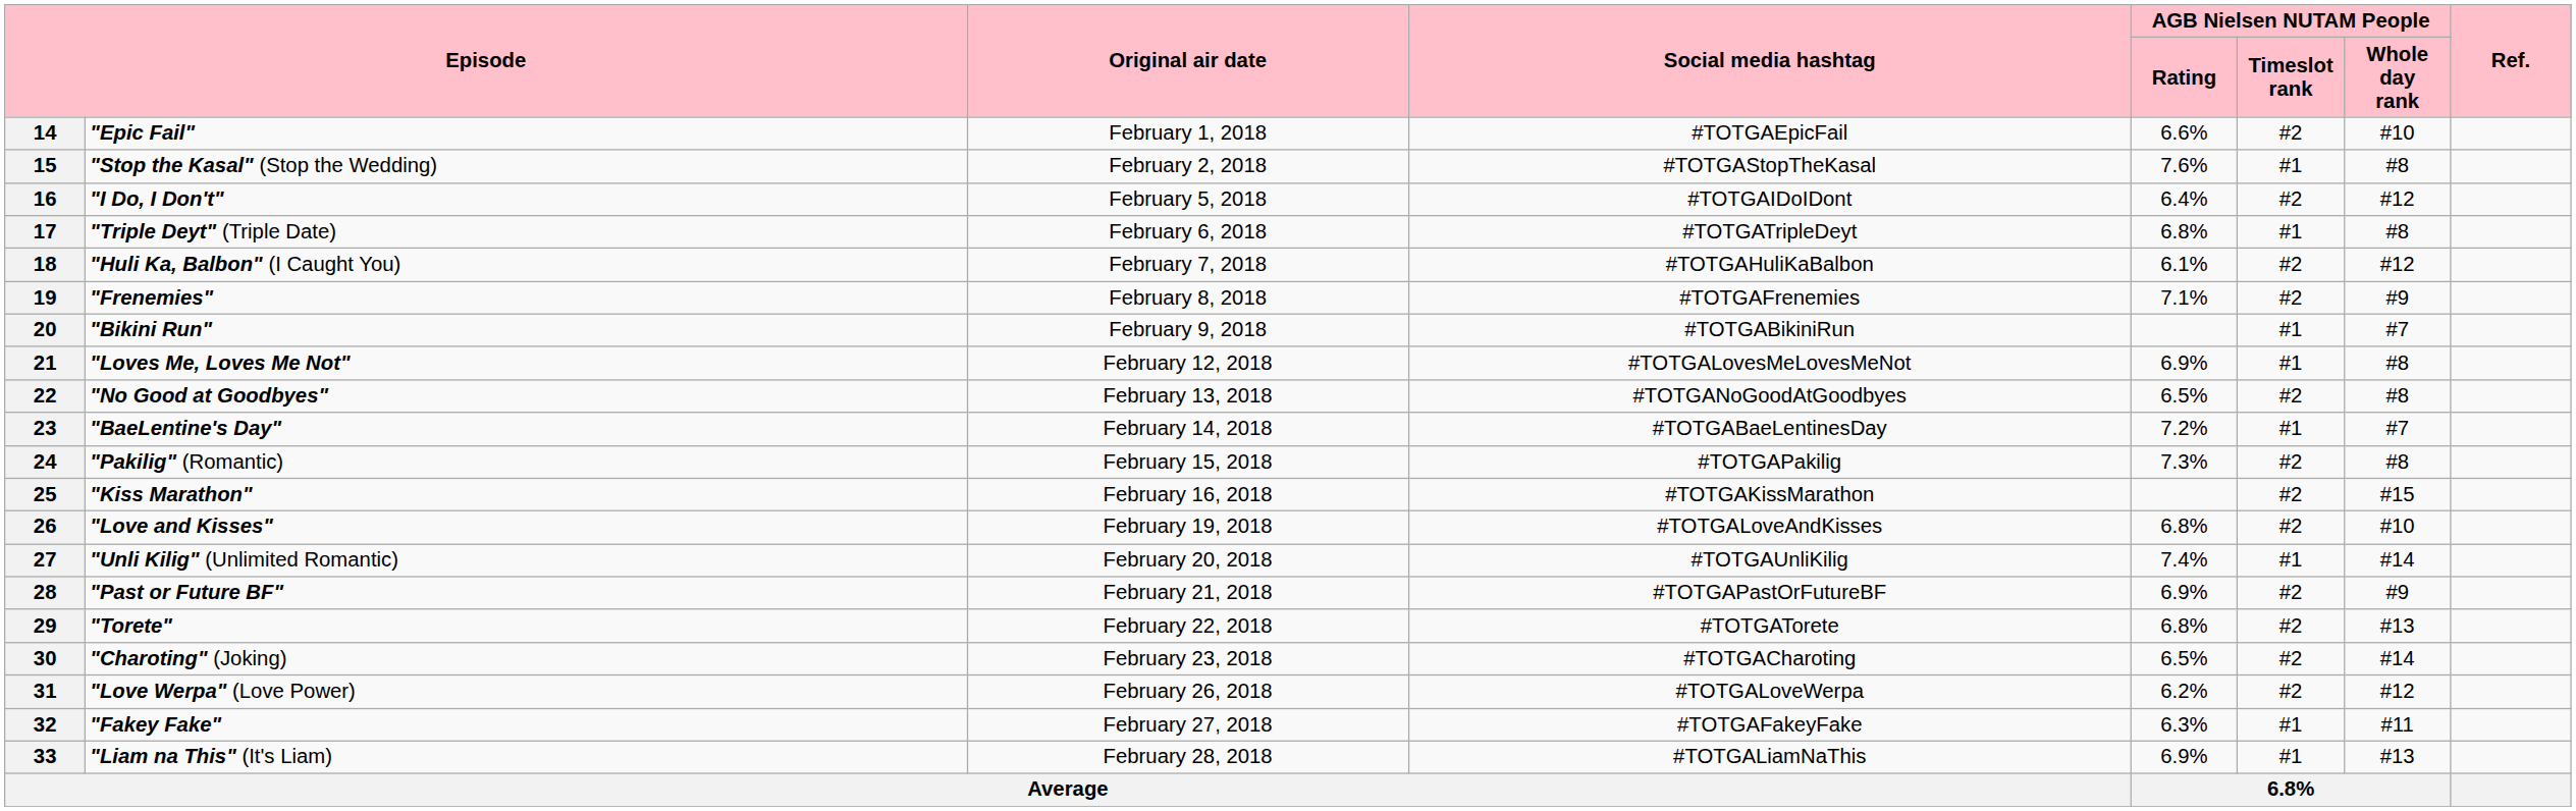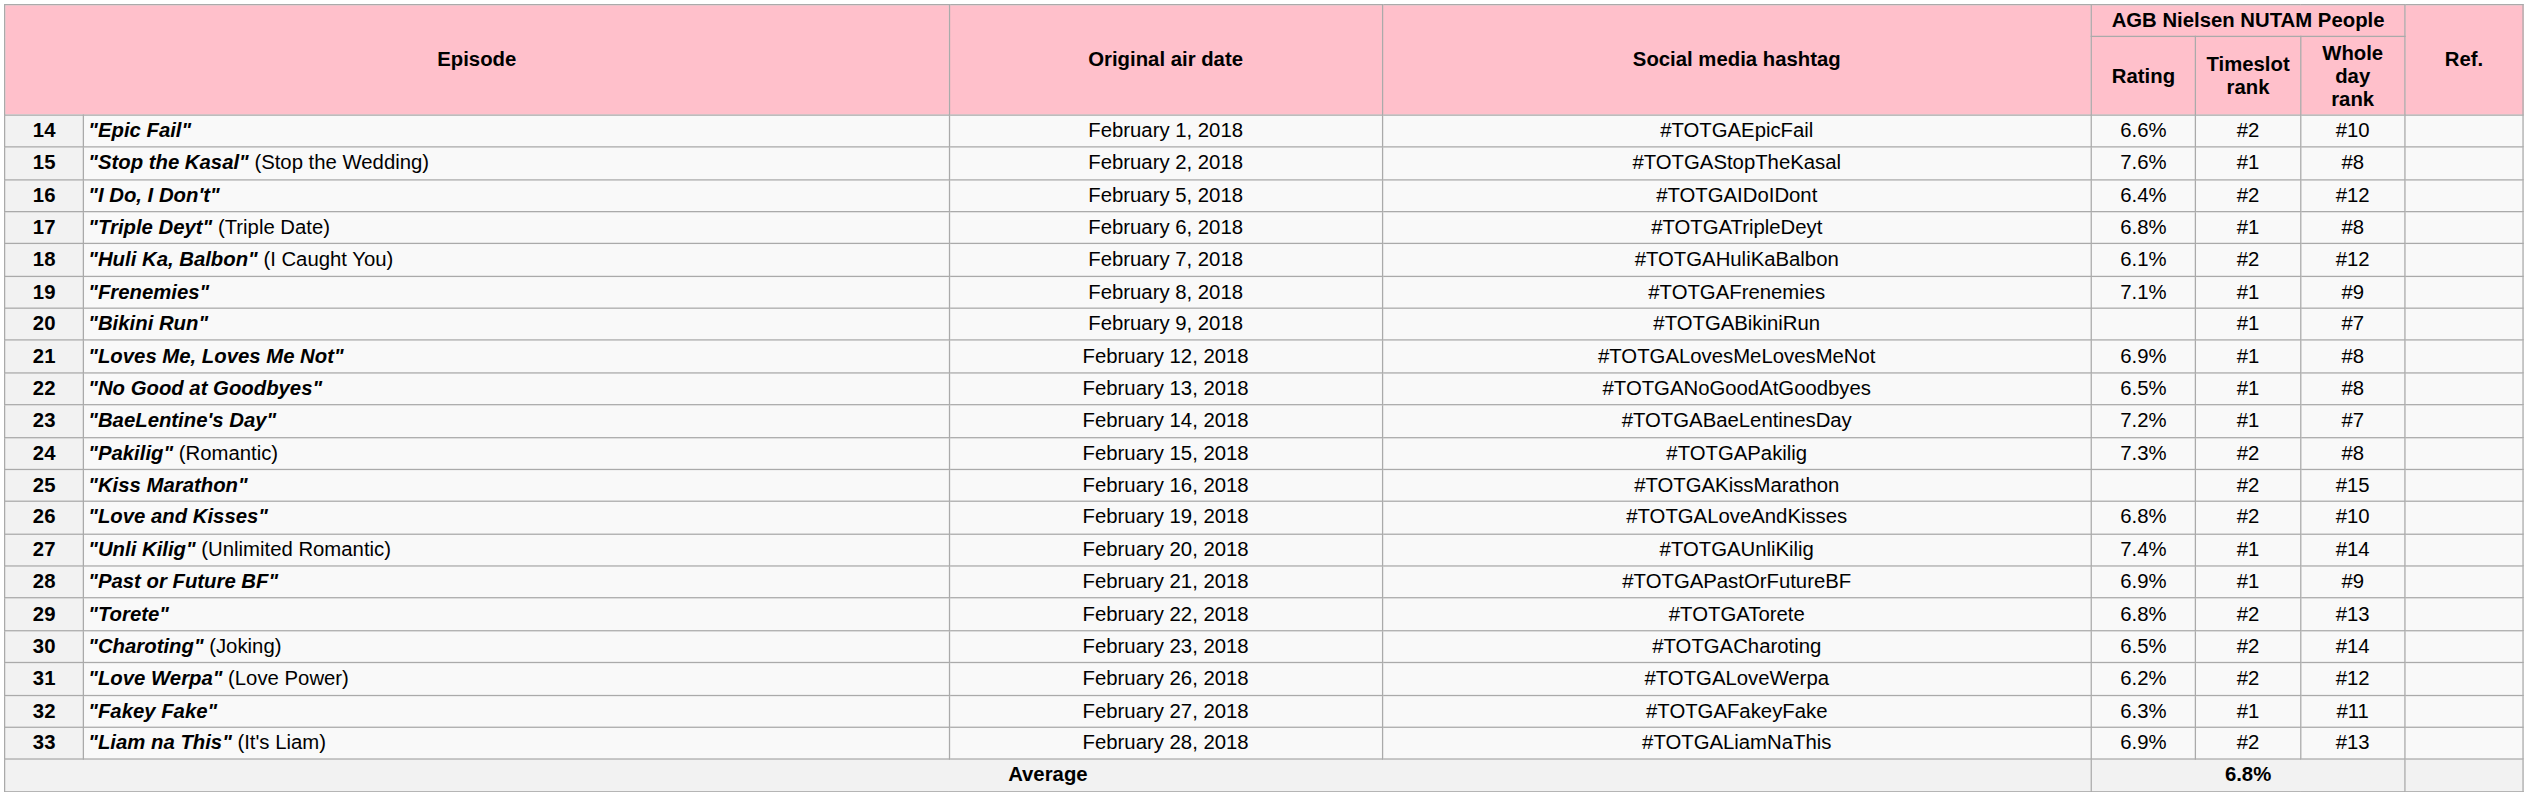 <table class="wikitable" style="text-align:center; font-size:100%; line-height:18px;"  width="100%">
 <tr>
 <th colspan="2" rowspan="2" style="background-color:#FFC0CB; color:#000000;">Episode</th>
 <th style="background:#FFC0CB; color:black" rowspan="2">Original air date</th>
 <th style="background:#FFC0CB; color:black" rowspan="2">Social media hashtag</th>
 <th style="background-color:#FFC0CB; color:#000000;" colspan="3">AGB Nielsen NUTAM People</th>
 <th style="background-color:#FFC0CB; color:#000000;" rowspan="2">Ref.</th>
 </tr>
 <tr>
 <th style="background-color:#FFC0CB; width:75px; color:#000000;">Rating</th>
 <th style="background-color:#FFC0CB; width:75px; color:#000000;">Timeslot<br>rank</th>
 <th style="background-color:#FFC0CB; width:75px; color:#000000;">Whole day<br>rank</th>
 </tr>
 <tr>
 <th>14</th>
 <td style="text-align: left;"><strong><em>"Epic Fail"</em></strong></td>
 <td>February 1, 2018</td>
 <td>#TOTGAEpicFail</td>
 <td>6.6%</td>
 <td>#2</td>
 <td>#10</td>
 <td></td>
 </tr>
 <tr>
 <th>15</th>
 <td style="text-align: left;"><strong><em>"Stop the Kasal"</em></strong> (Stop the Wedding)</td>
 <td>February 2, 2018</td>
 <td>#TOTGAStopTheKasal</td>
 <td>7.6%</td>
 <td>#1</td>
 <td>#8</td>
 <td></td>
 </tr>
 <tr>
 <th>16</th>
 <td style="text-align: left;"><strong><em>"I Do, I Don't"</em></strong></td>
 <td>February 5, 2018</td>
 <td>#TOTGAIDoIDont</td>
 <td>6.4%</td>
 <td>#2</td>
 <td>#12</td>
 <td></td>
 </tr>
 <tr>
 <th>17</th>
 <td style="text-align: left;"><strong><em>"Triple Deyt"</em></strong> (Triple Date)</td>
 <td>February 6, 2018</td>
 <td>#TOTGATripleDeyt</td>
 <td>6.8%</td>
 <td>#1</td>
 <td>#8</td>
 <td></td>
 </tr>
 <tr>
 <th>18</th>
 <td style="text-align: left;"><strong><em>"Huli Ka, Balbon"</em></strong> (I Caught You)</td>
 <td>February 7, 2018</td>
 <td>#TOTGAHuliKaBalbon</td>
 <td>6.1%</td>
 <td>#2</td>
 <td>#12</td>
 <td></td>
 </tr>
 <tr>
 <th>19</th>
 <td style="text-align: left;"><strong><em>"Frenemies"</em></strong></td>
 <td>February 8, 2018</td>
 <td>#TOTGAFrenemies</td>
 <td>7.1%</td>
-<td>#2</td>
+<td>#1</td>
 <td>#9</td>
 <td></td>
 </tr>
 <tr>
 <th>20</th>
 <td style="text-align: left;"><strong><em>"Bikini Run"</em></strong></td>
 <td>February 9, 2018</td>
 <td>#TOTGABikiniRun</td>
 <td></td>
 <td>#1</td>
 <td>#7</td>
 <td></td>
 </tr>
 <tr>
 <th>21</th>
 <td style="text-align: left;"><strong><em>"Loves Me, Loves Me Not"</em></strong></td>
 <td>February 12, 2018</td>
 <td>#TOTGALovesMeLovesMeNot</td>
 <td>6.9%</td>
 <td>#1</td>
 <td>#8</td>
 <td></td>
 </tr>
 <tr>
 <th>22</th>
 <td style="text-align: left;"><strong><em>"No Good at Goodbyes"</em></strong></td>
 <td>February 13, 2018</td>
 <td>#TOTGANoGoodAtGoodbyes</td>
 <td>6.5%</td>
-<td>#2</td>
+<td>#1</td>
 <td>#8</td>
 <td></td>
 </tr>
 <tr>
 <th>23</th>
 <td style="text-align: left;"><strong><em>"BaeLentine's Day"</em></strong></td>
 <td>February 14, 2018</td>
 <td>#TOTGABaeLentinesDay</td>
 <td>7.2%</td>
 <td>#1</td>
 <td>#7</td>
 <td></td>
 </tr>
 <tr>
 <th>24</th>
 <td style="text-align: left;"><strong><em>"Pakilig"</em></strong> (Romantic)</td>
 <td>February 15, 2018</td>
 <td>#TOTGAPakilig</td>
 <td>7.3%</td>
 <td>#2</td>
 <td>#8</td>
 <td></td>
 </tr>
 <tr>
 <th>25</th>
 <td style="text-align: left;"><strong><em>"Kiss Marathon"</em></strong></td>
 <td>February 16, 2018</td>
 <td>#TOTGAKissMarathon</td>
 <td></td>
 <td>#2</td>
 <td>#15</td>
 <td></td>
 </tr>
 <tr>
 <th>26</th>
 <td style="text-align: left;"><strong><em>"Love and Kisses"</em></strong></td>
 <td>February 19, 2018</td>
 <td>#TOTGALoveAndKisses</td>
 <td>6.8%</td>
 <td>#2</td>
 <td>#10</td>
 <td></td>
 </tr>
 <tr>
 <th>27</th>
 <td style="text-align: left;"><strong><em>"Unli Kilig"</em></strong> (Unlimited Romantic)</td>
 <td>February 20, 2018</td>
 <td>#TOTGAUnliKilig</td>
 <td>7.4%</td>
 <td>#1</td>
 <td>#14</td>
 <td></td>
 </tr>
 <tr>
 <th>28</th>
 <td style="text-align: left;"><strong><em>"Past or Future BF"</em></strong></td>
 <td>February 21, 2018</td>
 <td>#TOTGAPastOrFutureBF</td>
 <td>6.9%</td>
-<td>#2</td>
+<td>#1</td>
 <td>#9</td>
 <td></td>
 </tr>
 <tr>
 <th>29</th>
 <td style="text-align: left;"><strong><em>"Torete"</em></strong></td>
 <td>February 22, 2018</td>
 <td>#TOTGATorete</td>
 <td>6.8%</td>
 <td>#2</td>
 <td>#13</td>
 <td></td>
 </tr>
 <tr>
 <th>30</th>
 <td style="text-align: left;"><strong><em>"Charoting"</em></strong> (Joking)</td>
 <td>February 23, 2018</td>
 <td>#TOTGACharoting</td>
 <td>6.5%</td>
 <td>#2</td>
 <td>#14</td>
 <td></td>
 </tr>
 <tr>
 <th>31</th>
 <td style="text-align: left;"><strong><em>"Love Werpa"</em></strong> (Love Power)</td>
 <td>February 26, 2018</td>
 <td>#TOTGALoveWerpa</td>
 <td>6.2%</td>
 <td>#2</td>
 <td>#12</td>
 <td></td>
 </tr>
 <tr>
 <th>32</th>
 <td style="text-align: left;"><strong><em>"Fakey Fake"</em></strong></td>
 <td>February 27, 2018</td>
 <td>#TOTGAFakeyFake</td>
 <td>6.3%</td>
 <td>#1</td>
 <td>#11</td>
 <td></td>
 </tr>
 <tr>
 <th>33</th>
 <td style="text-align: left;"><strong><em>"Liam na This"</em></strong> (It's Liam)</td>
 <td>February 28, 2018</td>
 <td>#TOTGALiamNaThis</td>
 <td>6.9%</td>
-<td>#1</td>
+<td>#2</td>
 <td>#13</td>
 <td></td>
 </tr>
 <tr>
 <th colspan="4">Average</th>
 <th colspan="3">6.8%</th>
 <th></th>
 </tr>
 <tr>
 </tr>
 </table>
